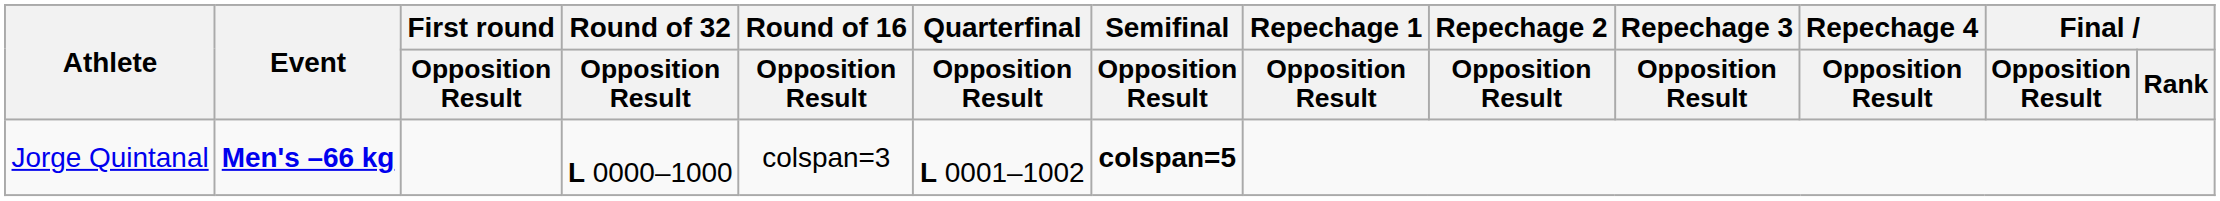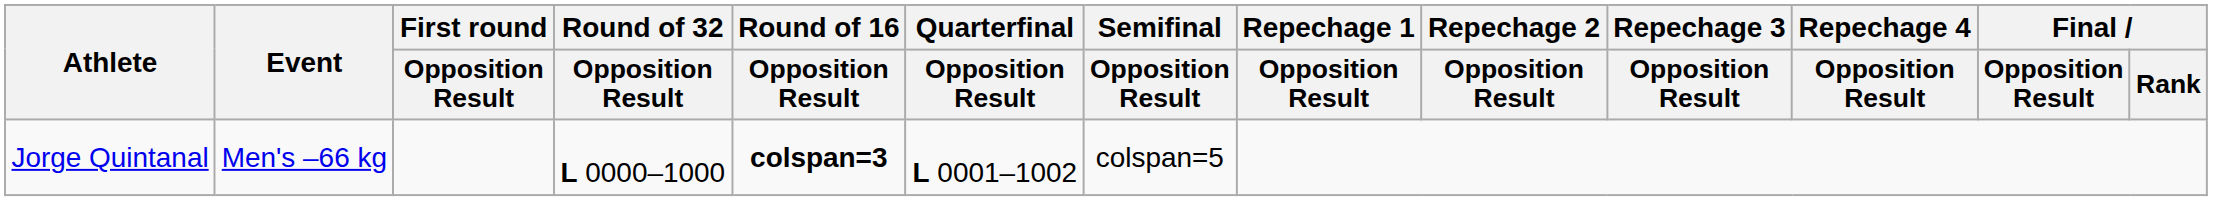 <table class=wikitable style=font-size:90%;text-align:center>
 <tr>
 <th rowspan=2>Athlete</th>
 <th rowspan=2>Event</th>
 <th>First round</th>
 <th>Round of 32</th>
 <th>Round of 16</th>
 <th>Quarterfinal</th>
 <th>Semifinal</th>
 <th>Repechage 1</th>
 <th>Repechage 2</th>
 <th>Repechage 3</th>
 <th>Repechage 4</th>
 <th colspan=2>Final / </th>
 </tr>
 <tr style=font-size:95%>
 <th>Opposition<br>Result</th>
 <th>Opposition<br>Result</th>
 <th>Opposition<br>Result</th>
 <th>Opposition<br>Result</th>
 <th>Opposition<br>Result</th>
 <th>Opposition<br>Result</th>
 <th>Opposition<br>Result</th>
 <th>Opposition<br>Result</th>
 <th>Opposition<br>Result</th>
 <th>Opposition<br>Result</th>
 <th>Rank</th>
 </tr>
 <tr>
 <td align=left><a href='#'>Jorge Quintanal</a></td>
-<td align=left><strong><a href='#'>Men's –66 kg</a></strong></td>
+<td align=left><a href='#'>Men's –66 kg</a></td>
 <td></td>
 <td><br><strong>L</strong> 0000–1000</td>
-<td>colspan=3 </td>
+<td><strong>colspan=3 </strong></td>
 <td><br><strong>L</strong> 0001–1002</td>
-<td><strong>colspan=5 </strong></td>
+<td>colspan=5 </td>
 </tr>
 </table>
